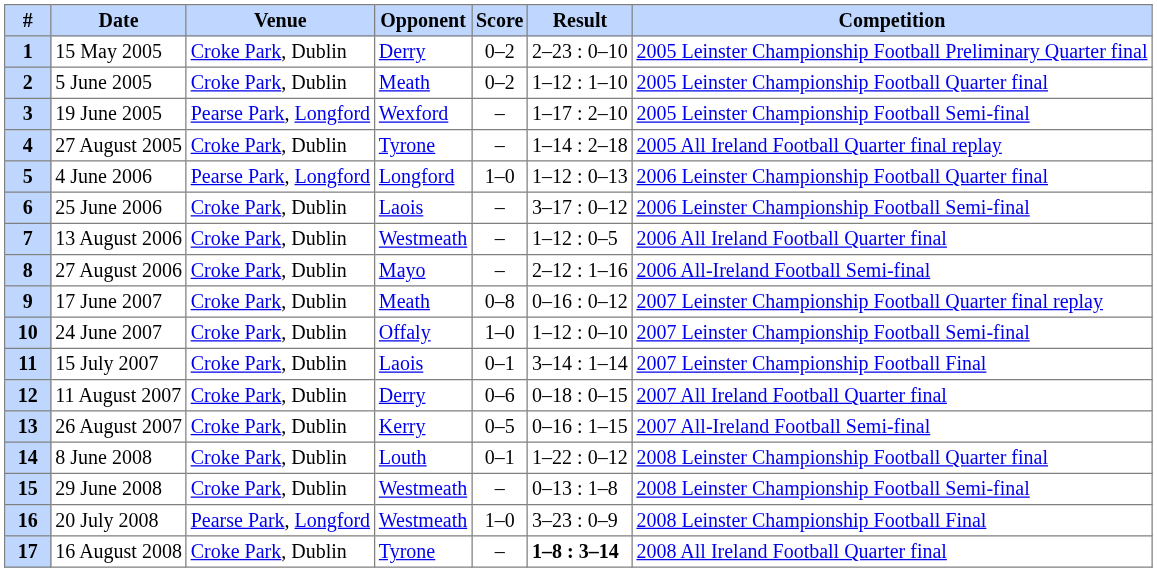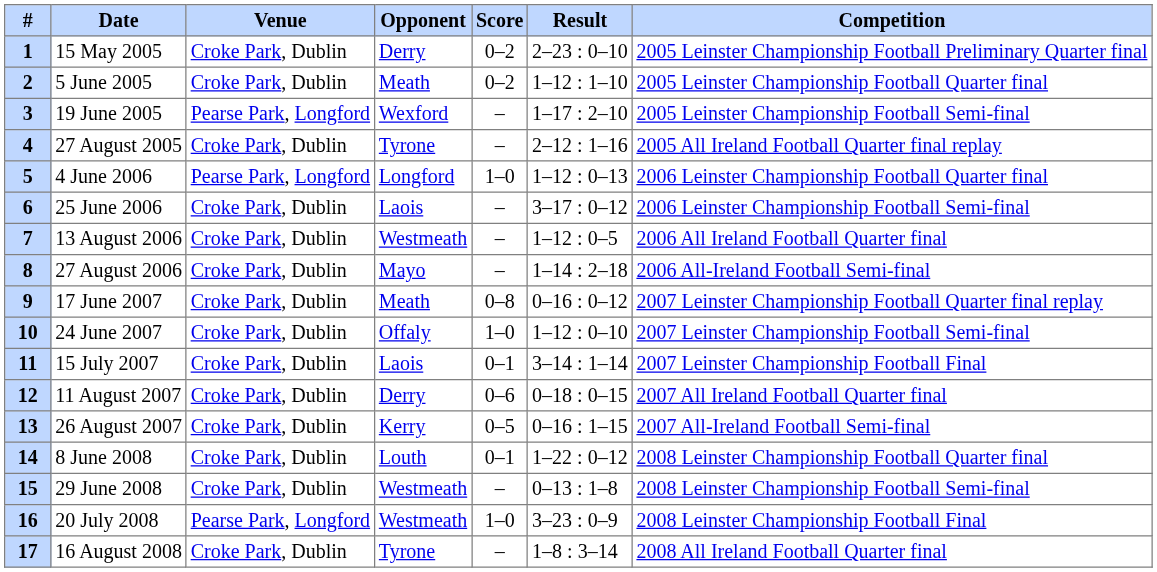 <table border=1 cellpadding=3 style="margin-left:1em; colour: black; border-collapse: collapse;">
 <tr align="center" bgcolor="BFD7FF">
 <th width=30 style="text-align: center;">#</th>
 <th>Date</th>
 <th>Venue</th>
 <th>Opponent</th>
 <th>Score</th>
 <th>Result</th>
 <th>Competition</th>
 </tr>
 <tr>
 <td style="text-align: center;" bgcolor="BFD7FF"><strong>1</strong></td>
 <td>15 May 2005</td>
 <td><a href='#'>Croke Park</a>, Dublin</td>
 <td><a href='#'>Derry</a></td>
 <td style="text-align: center;">0–2</td>
 <td>2–23 : 0–10</td>
 <td><a href='#'>2005 Leinster Championship Football Preliminary Quarter final</a></td>
 </tr>
 <tr>
 <td style="text-align: center;" bgcolor="BFD7FF"><strong>2</strong></td>
 <td>5 June 2005</td>
 <td><a href='#'>Croke Park</a>, Dublin</td>
 <td><a href='#'>Meath</a></td>
 <td style="text-align: center;">0–2</td>
 <td>1–12 : 1–10</td>
 <td><a href='#'>2005 Leinster Championship Football Quarter final</a></td>
 </tr>
 <tr>
 <td style="text-align: center;" bgcolor="BFD7FF"><strong>3</strong></td>
 <td>19 June 2005</td>
 <td><a href='#'>Pearse Park</a>, <a href='#'>Longford</a></td>
 <td><a href='#'>Wexford</a></td>
 <td style="text-align: center;">–</td>
 <td>1–17 : 2–10</td>
 <td><a href='#'>2005 Leinster Championship Football Semi-final</a></td>
 </tr>
 <tr>
 <td style="text-align: center;" bgcolor="BFD7FF"><strong>4</strong></td>
 <td>27 August 2005</td>
 <td><a href='#'>Croke Park</a>, Dublin</td>
 <td><a href='#'>Tyrone</a></td>
 <td style="text-align: center;">–</td>
-<td>1–14 : 2–18</td>
+<td>2–12 : 1–16</td>
 <td><a href='#'>2005 All Ireland Football Quarter final replay</a></td>
 </tr>
 <tr>
 <td style="text-align: center;" bgcolor="BFD7FF"><strong>5</strong></td>
 <td>4 June 2006</td>
 <td><a href='#'>Pearse Park</a>, <a href='#'>Longford</a></td>
 <td><a href='#'>Longford</a></td>
 <td style="text-align: center;">1–0</td>
 <td>1–12 : 0–13</td>
 <td><a href='#'>2006 Leinster Championship Football Quarter final</a></td>
 </tr>
 <tr>
 <td style="text-align: center;" bgcolor="BFD7FF"><strong>6</strong></td>
 <td>25 June 2006</td>
 <td><a href='#'>Croke Park</a>, Dublin</td>
 <td><a href='#'>Laois</a></td>
 <td style="text-align: center;">–</td>
 <td>3–17 : 0–12</td>
 <td><a href='#'>2006 Leinster Championship Football Semi-final</a></td>
 </tr>
 <tr>
 <td style="text-align: center;" bgcolor="BFD7FF"><strong>7</strong></td>
 <td>13 August 2006</td>
 <td><a href='#'>Croke Park</a>, Dublin</td>
 <td><a href='#'>Westmeath</a></td>
 <td style="text-align: center;">–</td>
 <td>1–12 : 0–5</td>
 <td><a href='#'>2006 All Ireland Football Quarter final</a></td>
 </tr>
 <tr>
 <td style="text-align: center;" bgcolor="BFD7FF"><strong>8</strong></td>
 <td>27 August 2006</td>
 <td><a href='#'>Croke Park</a>, Dublin</td>
 <td><a href='#'>Mayo</a></td>
 <td style="text-align: center;">–</td>
-<td>2–12 : 1–16</td>
+<td>1–14 : 2–18</td>
 <td><a href='#'>2006 All-Ireland Football Semi-final</a></td>
 </tr>
 <tr>
 <td style="text-align: center;" bgcolor="BFD7FF"><strong>9</strong></td>
 <td>17 June 2007</td>
 <td><a href='#'>Croke Park</a>, Dublin</td>
 <td><a href='#'>Meath</a></td>
 <td style="text-align: center;">0–8</td>
 <td>0–16 : 0–12</td>
 <td><a href='#'>2007 Leinster Championship Football Quarter final replay</a></td>
 </tr>
 <tr>
 <td style="text-align: center;" bgcolor="BFD7FF"><strong>10</strong></td>
 <td>24 June 2007</td>
 <td><a href='#'>Croke Park</a>, Dublin</td>
 <td><a href='#'>Offaly</a></td>
 <td style="text-align: center;">1–0</td>
 <td>1–12 : 0–10</td>
 <td><a href='#'>2007 Leinster Championship Football Semi-final</a></td>
 </tr>
 <tr>
 <td style="text-align: center;" bgcolor="BFD7FF"><strong>11</strong></td>
 <td>15 July 2007</td>
 <td><a href='#'>Croke Park</a>, Dublin</td>
 <td><a href='#'>Laois</a></td>
 <td style="text-align: center;">0–1</td>
 <td>3–14 : 1–14</td>
 <td><a href='#'>2007 Leinster Championship Football Final</a></td>
 </tr>
 <tr>
 <td style="text-align: center;" bgcolor="BFD7FF"><strong>12</strong></td>
 <td>11 August 2007</td>
 <td><a href='#'>Croke Park</a>, Dublin</td>
 <td><a href='#'>Derry</a></td>
 <td style="text-align: center;">0–6</td>
 <td>0–18 : 0–15</td>
 <td><a href='#'>2007 All Ireland Football Quarter final</a></td>
 </tr>
 <tr>
 <td style="text-align: center;" bgcolor="BFD7FF"><strong>13</strong></td>
 <td>26 August 2007</td>
 <td><a href='#'>Croke Park</a>, Dublin</td>
 <td><a href='#'>Kerry</a></td>
 <td style="text-align: center;">0–5</td>
 <td>0–16 : 1–15</td>
 <td><a href='#'>2007 All-Ireland Football Semi-final</a></td>
 </tr>
 <tr>
 <td style="text-align: center;" bgcolor="BFD7FF"><strong>14</strong></td>
 <td>8 June 2008</td>
 <td><a href='#'>Croke Park</a>, Dublin</td>
 <td><a href='#'>Louth</a></td>
 <td style="text-align: center;">0–1</td>
 <td>1–22 : 0–12</td>
 <td><a href='#'>2008 Leinster Championship Football Quarter final</a></td>
 </tr>
 <tr>
 <td style="text-align: center;" bgcolor="BFD7FF"><strong>15</strong></td>
 <td>29 June 2008</td>
 <td><a href='#'>Croke Park</a>, Dublin</td>
 <td><a href='#'>Westmeath</a></td>
 <td style="text-align: center;">–</td>
 <td>0–13 : 1–8</td>
 <td><a href='#'>2008 Leinster Championship Football Semi-final</a></td>
 </tr>
 <tr>
 <td style="text-align: center;" bgcolor="BFD7FF"><strong>16</strong></td>
 <td>20 July 2008</td>
 <td><a href='#'>Pearse Park</a>, <a href='#'>Longford</a></td>
 <td><a href='#'>Westmeath</a></td>
 <td style="text-align: center;">1–0</td>
 <td>3–23 : 0–9</td>
 <td><a href='#'>2008 Leinster Championship Football Final</a></td>
 </tr>
 <tr>
 <td style="text-align: center;" bgcolor="BFD7FF"><strong>17</strong></td>
 <td>16 August 2008</td>
 <td><a href='#'>Croke Park</a>, Dublin</td>
 <td><a href='#'>Tyrone</a></td>
 <td style="text-align: center;">–</td>
-<td><strong>1–8 : 3–14</strong></td>
+<td>1–8 : 3–14</td>
 <td><a href='#'>2008 All Ireland Football Quarter final</a></td>
 </tr>
 </table>
